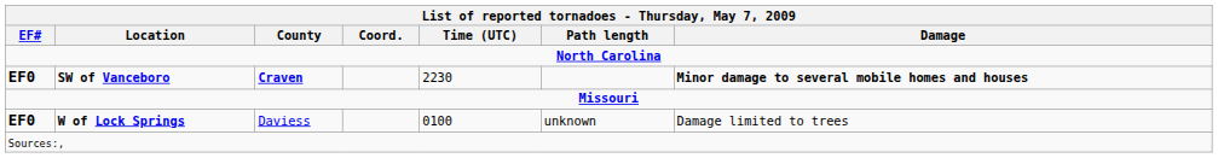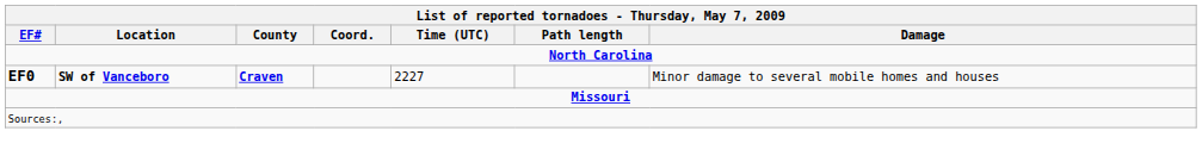 <table class="wikitable collapsible" width="100%">
 <tr>
 <th colspan="7">List of reported tornadoes - Thursday, May 7, 2009</th>
 </tr>
 <tr>
 <th><a href='#'>EF#</a></th>
 <th>Location</th>
 <th>County</th>
 <th>Coord.</th>
 <th>Time (UTC)</th>
 <th>Path length</th>
 <th>Damage</th>
 </tr>
 <tr>
 <td colspan="7" align=center><strong><a href='#'>North Carolina</a></strong></td>
 </tr>
 <tr>
 <td><big><strong>EF0</strong></big></td>
 <td><strong>SW of <a href='#'>Vanceboro</a></strong></td>
 <td><strong><a href='#'>Craven</a></strong></td>
 <td></td>
-<td>2230</td>
+<td>2227</td>
 <td></td>
-<td><strong>Minor damage to several mobile homes and houses</strong></td>
+<td>Minor damage to several mobile homes and houses</td>
 </tr>
 <tr>
 <td colspan="7" align=center><strong><a href='#'>Missouri</a></strong></td>
 </tr>
 <tr>
-<td><big><strong>EF0</strong></big></td>
-<td><strong>W of <a href='#'>Lock Springs</a></strong></td>
-<td><a href='#'>Daviess</a></td>
-<td></td>
-<td>0100</td>
-<td>unknown</td>
-<td>Damage limited to trees</td>
-</tr>
-<tr>
 <td colspan="7"><small>Sources:, </small></td>
 </tr>
 </table>
